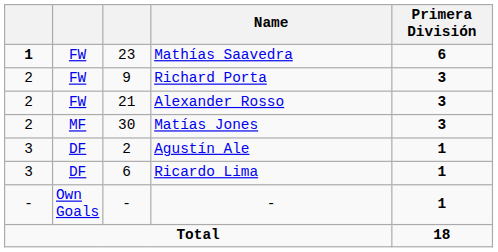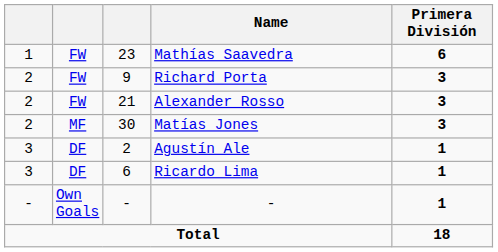 <table class="wikitable sortable" style="font-size: 95%; text-align: center;">
 <tr>
 <th width=35></th>
 <th width=35></th>
 <th width=35></th>
 <th width=200><strong>Name</strong></th>
 <th width=80><strong>Primera División</strong></th>
 </tr>
 <tr>
-<td><strong>1</strong></td>
+<td>1</td>
 <td><a href='#'>FW</a></td>
 <td>23</td>
 <td align=left> <a href='#'>Mathías Saavedra</a></td>
 <td><strong>6</strong></td>
 </tr>
 <tr>
 <td>2</td>
 <td><a href='#'>FW</a></td>
 <td>9</td>
 <td align=left> <a href='#'>Richard Porta</a></td>
 <td><strong>3</strong></td>
 </tr>
 <tr>
 <td>2</td>
 <td><a href='#'>FW</a></td>
 <td>21</td>
 <td align=left> <a href='#'>Alexander Rosso</a></td>
 <td><strong>3</strong></td>
 </tr>
 <tr>
 <td>2</td>
 <td><a href='#'>MF</a></td>
 <td>30</td>
 <td align=left> <a href='#'>Matías Jones</a></td>
 <td><strong>3</strong></td>
 </tr>
 <tr>
 <td>3</td>
 <td><a href='#'>DF</a></td>
 <td>2</td>
 <td align=left> <a href='#'>Agustín Ale</a></td>
 <td><strong>1</strong></td>
 </tr>
 <tr>
 <td>3</td>
 <td><a href='#'>DF</a></td>
 <td>6</td>
 <td align=left> <a href='#'>Ricardo Lima</a></td>
 <td><strong>1</strong></td>
 </tr>
 <tr>
 <td>-</td>
 <td align=left><a href='#'>Own Goals</a></td>
 <td>-</td>
 <td>-</td>
 <td><strong>1</strong></td>
 </tr>
 <tr>
 <td colspan=4><strong>Total</strong></td>
 <td><strong>18</strong></td>
 </tr>
 </table>
